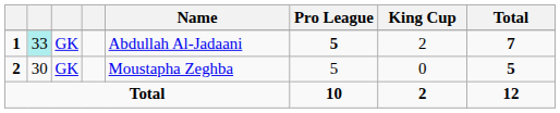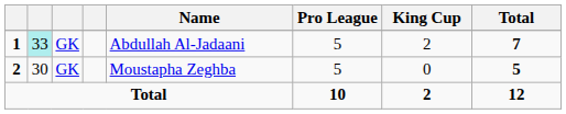 <table class="wikitable" style="text-align:center">
 <tr>
 <th width=15></th>
 <th width=15></th>
 <th width=15></th>
 <th width=15></th>
 <th width=175>Name</th>
 <th width=80>Pro League</th>
 <th width=80>King Cup</th>
 <th width=80>Total</th>
 </tr>
 <tr>
 </tr>
 <tr>
 <td><strong>1</strong></td>
 <td style="background: paleturquoise;">33</td>
 <td><a href='#'>GK</a></td>
 <td></td>
 <td align=left><a href='#'>Abdullah Al-Jadaani</a></td>
-<td><strong>5</strong></td>
+<td>5</td>
 <td>2</td>
 <td><strong>7</strong></td>
 </tr>
 <tr>
 <td><strong>2</strong></td>
 <td>30</td>
 <td><a href='#'>GK</a></td>
 <td></td>
 <td align=left><a href='#'>Moustapha Zeghba</a></td>
 <td>5</td>
 <td>0</td>
 <td><strong>5</strong></td>
 </tr>
 <tr>
 <td colspan=5><strong>Total</strong></td>
 <td><strong>10</strong></td>
 <td><strong>2</strong></td>
 <td><strong>12</strong></td>
 </tr>
 </table>
